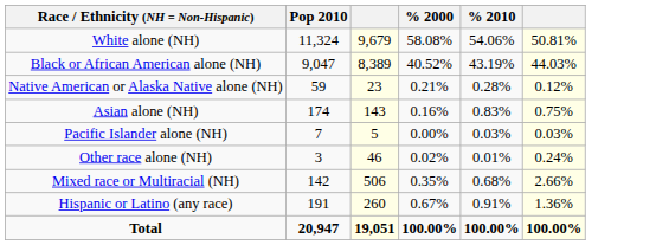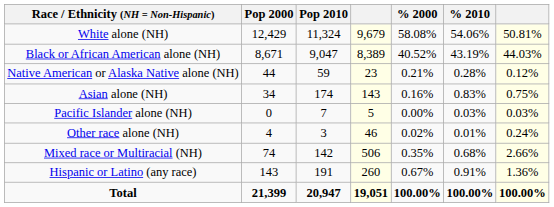 <table class="wikitable" style="text-align:center;">
 <tr>
 <th>Race / Ethnicity <small>(<em>NH = Non-Hispanic</em>)</small></th>
+<th>Pop 2000</th>
 <th>Pop 2010</th>
 <th></th>
 <th>% 2000</th>
 <th>% 2010</th>
 <th></th>
 </tr>
 <tr>
 <td><a href='#'>White</a> alone (NH)</td>
+<td>12,429</td>
 <td>11,324</td>
 <td style='background: #ffffe6;'>9,679</td>
 <td>58.08%</td>
 <td>54.06%</td>
 <td style='background: #ffffe6;'>50.81%</td>
 </tr>
 <tr>
 <td><a href='#'>Black or African American</a> alone (NH)</td>
+<td>8,671</td>
 <td>9,047</td>
 <td style='background: #ffffe6;'>8,389</td>
 <td>40.52%</td>
 <td>43.19%</td>
 <td style='background: #ffffe6;'>44.03%</td>
 </tr>
 <tr>
 <td><a href='#'>Native American</a> or <a href='#'>Alaska Native</a> alone (NH)</td>
+<td>44</td>
 <td>59</td>
 <td style='background: #ffffe6;'>23</td>
 <td>0.21%</td>
 <td>0.28%</td>
 <td style='background: #ffffe6;'>0.12%</td>
 </tr>
 <tr>
 <td><a href='#'>Asian</a> alone (NH)</td>
+<td>34</td>
 <td>174</td>
 <td style='background: #ffffe6;'>143</td>
 <td>0.16%</td>
 <td>0.83%</td>
 <td style='background: #ffffe6;'>0.75%</td>
 </tr>
 <tr>
 <td><a href='#'>Pacific Islander</a> alone (NH)</td>
+<td>0</td>
 <td>7</td>
 <td style='background: #ffffe6;'>5</td>
 <td>0.00%</td>
 <td>0.03%</td>
 <td style='background: #ffffe6;'>0.03%</td>
 </tr>
 <tr>
 <td><a href='#'>Other race</a> alone (NH)</td>
+<td>4</td>
 <td>3</td>
 <td style='background: #ffffe6;'>46</td>
 <td>0.02%</td>
 <td>0.01%</td>
 <td style='background: #ffffe6;'>0.24%</td>
 </tr>
 <tr>
 <td><a href='#'>Mixed race or Multiracial</a> (NH)</td>
+<td>74</td>
 <td>142</td>
 <td style='background: #ffffe6;'>506</td>
 <td>0.35%</td>
 <td>0.68%</td>
 <td style='background: #ffffe6;'>2.66%</td>
 </tr>
 <tr>
 <td><a href='#'>Hispanic or Latino</a> (any race)</td>
+<td>143</td>
 <td>191</td>
 <td style='background: #ffffe6;'>260</td>
 <td>0.67%</td>
 <td>0.91%</td>
 <td style='background: #ffffe6;'>1.36%</td>
 </tr>
 <tr>
 <td><strong>Total</strong></td>
+<td><strong>21,399</strong></td>
 <td><strong>20,947</strong></td>
 <td style='background: #ffffe6;'><strong>19,051</strong></td>
 <td><strong>100.00%</strong></td>
 <td><strong>100.00%</strong></td>
 <td style='background: #ffffe6;'><strong>100.00%</strong></td>
 </tr>
 </table>
